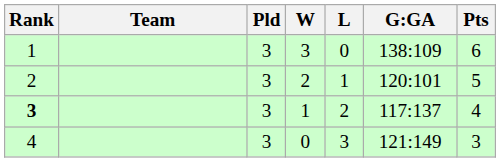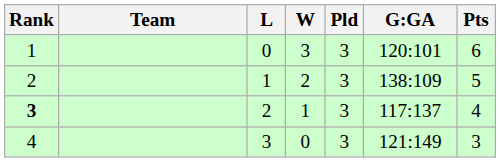 <table class="wikitable" style="text-align:center;">
 <tr>
 <th width=25>Rank</th>
 <th width=150>Team</th>
+<th width=25>L</th>
+<th width=25>W</th>
 <th width=25>Pld</th>
-<th width=25>W</th>
-<th width=25>L</th>
 <th width=70>G:GA</th>
 <th width=25>Pts</th>
 </tr>
 <tr bgcolor="#ccffcc">
 <td>1</td>
 <td align="left"></td>
+<td>0</td>
 <td>3</td>
 <td>3</td>
-<td>0</td>
-<td>138:109</td>
+<td>120:101</td>
 <td>6</td>
 </tr>
 <tr bgcolor="#ccffcc">
 <td>2</td>
 <td align="left"></td>
+<td>1</td>
+<td>2</td>
 <td>3</td>
-<td>2</td>
-<td>1</td>
-<td>120:101</td>
+<td>138:109</td>
 <td>5</td>
 </tr>
 <tr bgcolor="#ccffcc">
 <td><strong>3</strong></td>
 <td align="left"></td>
+<td>2</td>
+<td>1</td>
 <td>3</td>
-<td>1</td>
-<td>2</td>
 <td>117:137</td>
 <td>4</td>
 </tr>
 <tr bgcolor="#ccffcc">
 <td>4</td>
 <td align="left"></td>
 <td>3</td>
 <td>0</td>
 <td>3</td>
 <td>121:149</td>
 <td>3</td>
 </tr>
 </table>
